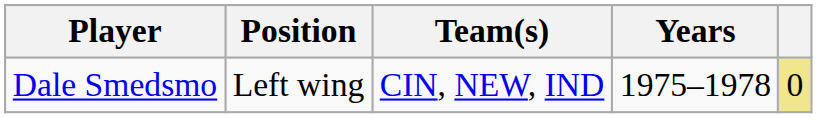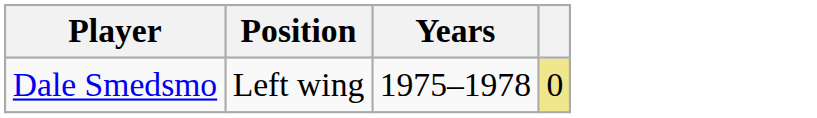 <table class="wikitable">
 <tr>
 <th>Player</th>
 <th>Position</th>
-<th>Team(s)</th>
 <th>Years</th>
 <th><a href='#'></a></th>
 </tr>
 <tr>
 <td><a href='#'>Dale Smedsmo</a></td>
 <td>Left wing</td>
-<td><a href='#'>CIN</a>, <a href='#'>NEW</a>, <a href='#'>IND</a></td>
 <td>1975–1978</td>
 <td style="background: khaki;">0</td>
 </tr>
 </table>
